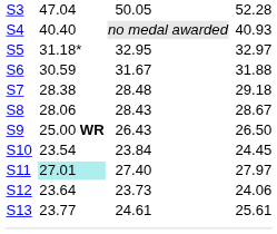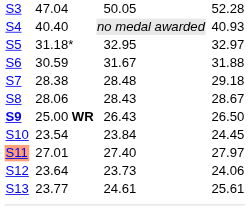 <table>
 <tr>
 <td><a href='#'>S3</a></td>
 <td></td>
 <td>47.04</td>
 <td></td>
 <td>50.05</td>
 <td></td>
 <td>52.28</td>
 </tr>
 <tr>
 <td><a href='#'>S4</a></td>
 <td> <br> </td>
 <td>40.40</td>
 <td colspan=2 bgcolor=#e8e8e8 align=center><em>no medal awarded</em></td>
 <td></td>
 <td>40.93</td>
 </tr>
 <tr>
 <td><a href='#'>S5</a></td>
 <td></td>
 <td>31.18*</td>
 <td></td>
 <td>32.95</td>
 <td></td>
 <td>32.97</td>
 </tr>
 <tr>
 <td><a href='#'>S6</a></td>
 <td></td>
 <td>30.59</td>
 <td></td>
 <td>31.67</td>
 <td></td>
 <td>31.88</td>
 </tr>
 <tr>
 <td><a href='#'>S7</a></td>
 <td></td>
 <td>28.38</td>
 <td></td>
 <td>28.48</td>
 <td></td>
 <td>29.18</td>
 </tr>
 <tr>
 <td><a href='#'>S8</a></td>
 <td></td>
 <td>28.06</td>
 <td></td>
 <td>28.43</td>
 <td></td>
 <td>28.67</td>
 </tr>
 <tr>
-<td><a href='#'>S9</a></td>
+<td><strong><a href='#'>S9</a></strong></td>
 <td></td>
 <td>25.00 <strong>WR</strong></td>
 <td></td>
 <td>26.43</td>
 <td></td>
 <td>26.50</td>
 </tr>
 <tr>
 <td><a href='#'>S10</a></td>
 <td></td>
 <td>23.54</td>
 <td></td>
 <td>23.84</td>
 <td></td>
 <td>24.45</td>
 </tr>
 <tr>
-<td><a href='#'>S11</a></td>
+<td style="background: lightsalmon;"><a href='#'>S11</a></td>
 <td></td>
-<td style="background: paleturquoise;">27.01</td>
+<td>27.01</td>
 <td></td>
 <td>27.40</td>
 <td></td>
 <td>27.97</td>
 </tr>
 <tr>
 <td><a href='#'>S12</a></td>
 <td></td>
 <td>23.64</td>
 <td></td>
 <td>23.73</td>
 <td></td>
 <td>24.06</td>
 </tr>
 <tr>
 <td><a href='#'>S13</a></td>
 <td></td>
 <td>23.77</td>
 <td></td>
 <td>24.61</td>
 <td></td>
 <td>25.61</td>
 </tr>
 <tr>
 <td colspan=7></td>
 </tr>
 <tr>
 </tr>
 <tr bgcolor= e8e8e8>
 <td colspan=7></td>
 </tr>
 </table>
